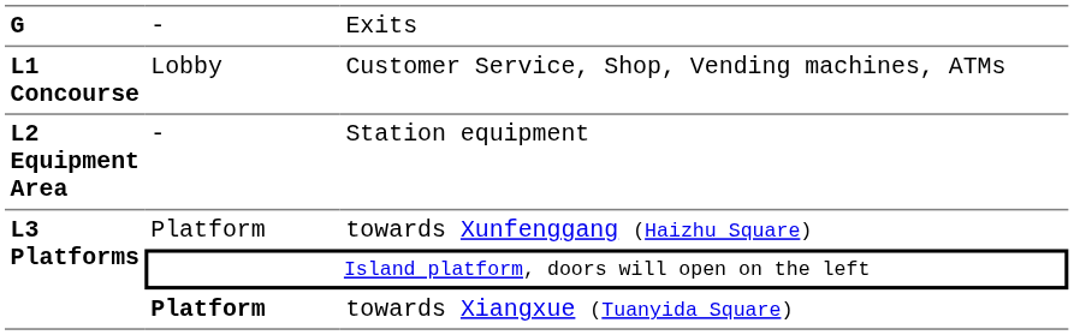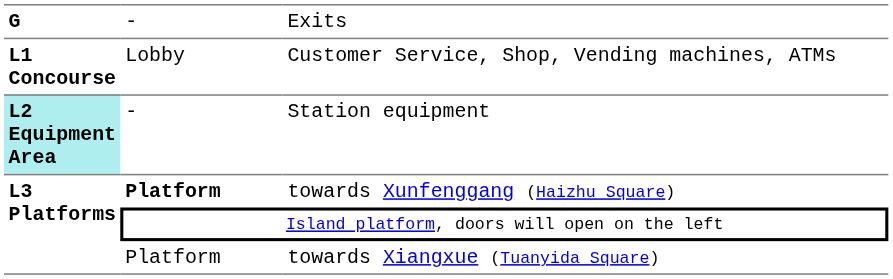 <table table border=0 cellspacing=0 cellpadding=3>
 <tr>
 <td style="border-top:solid 1px gray;" width=50 valign=top><strong>G</strong></td>
 <td style="border-top:solid 1px gray;" width=100 valign=top>-</td>
 <td style="border-top:solid 1px gray;" width=390 valign=top>Exits</td>
 </tr>
 <tr>
 <td style="border-bottom:solid 0px gray; border-top:solid 1px gray;" valign=top width=50><strong>L1<br>Concourse</strong></td>
 <td style="border-bottom:solid 0px gray; border-top:solid 1px gray;" valign=top width=100>Lobby</td>
 <td style="border-bottom:solid 0px gray; border-top:solid 1px gray;" valign=top width=390>Customer Service, Shop, Vending machines, ATMs</td>
 </tr>
 <tr>
-<td style="border-bottom:solid 0px gray; border-top:solid 1px gray;" valign=top width=50><strong>L2<br>Equipment Area</strong></td>
+<td style="background: paleturquoise; border-bottom:solid 0px gray; border-top:solid 1px gray;" valign=top width=50><strong>L2<br>Equipment Area</strong></td>
 <td style="border-bottom:solid 0px gray; border-top:solid 1px gray;" valign=top width=100>-</td>
 <td style="border-bottom:solid 0px gray; border-top:solid 1px gray;" valign=top width=390>Station equipment</td>
 </tr>
 <tr>
 <td style="border-bottom:solid 1px gray; border-top:solid 1px gray;" valign=top width=50 rowspan=3><strong>L3<br>Platforms</strong></td>
-<td style="border-top:solid 1px gray;">Platform </td>
+<td style="border-top:solid 1px gray;"><strong>Platform </strong></td>
 <td style="border-top:solid 1px gray;">  towards <a href='#'>Xunfenggang</a> <small>(<a href='#'>Haizhu Square</a>)</small></td>
 </tr>
 <tr>
 <td style="border-top:solid 2px black;border-right:solid 2px black;border-left:solid 2px black;border-bottom:solid 2px black;font-size:smaller;text-align:center;" colspan=2><a href='#'>Island platform</a>, doors will open on the left</td>
 </tr>
 <tr>
-<td style="border-bottom:solid 1px gray;"><strong>Platform </strong></td>
+<td style="border-bottom:solid 1px gray;">Platform </td>
 <td style="border-bottom:solid 1px gray;"> towards <a href='#'>Xiangxue</a> <small>(<a href='#'>Tuanyida Square</a>)</small> </td>
 </tr>
 </table>
